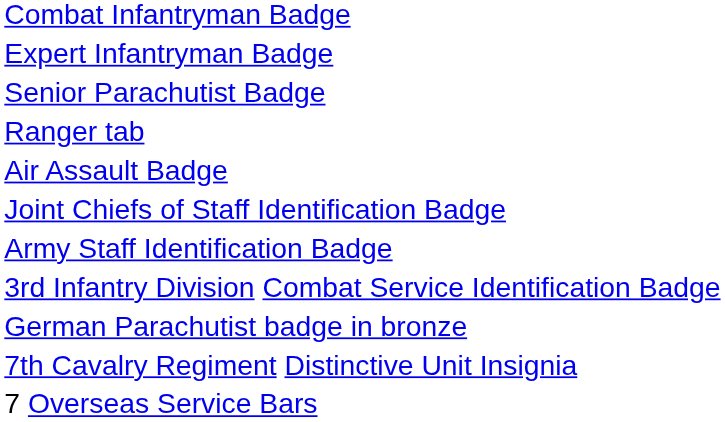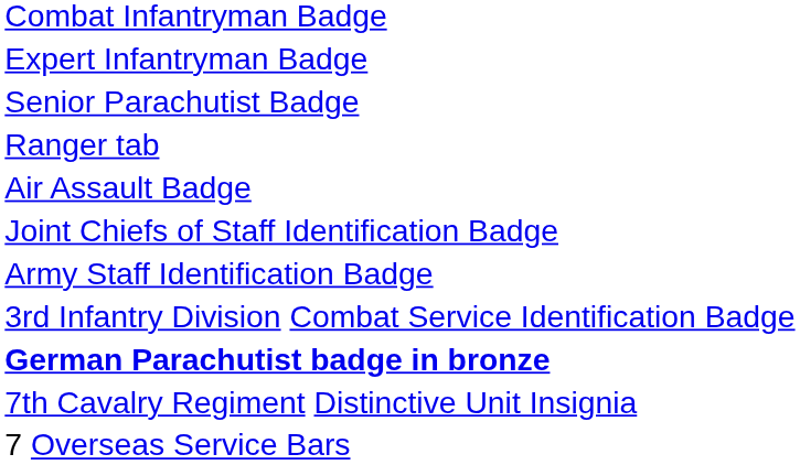 <table>
 <tr>
 <td> <a href='#'>Combat Infantryman Badge</a></td>
 </tr>
 <tr>
 <td>  <a href='#'>Expert Infantryman Badge</a></td>
 </tr>
 <tr>
 <td> <a href='#'>Senior Parachutist Badge</a></td>
 </tr>
 <tr>
 <td> <a href='#'>Ranger tab</a></td>
 </tr>
 <tr>
 <td> <a href='#'>Air Assault Badge</a></td>
 </tr>
 <tr>
 <td> <a href='#'>Joint Chiefs of Staff Identification Badge</a></td>
 </tr>
 <tr>
 <td> <a href='#'>Army Staff Identification Badge</a></td>
 </tr>
 <tr>
 <td> <a href='#'>3rd Infantry Division</a> <a href='#'>Combat Service Identification Badge</a></td>
 </tr>
 <tr>
-<td> <a href='#'>German Parachutist badge in bronze</a></td>
+<td><strong> <a href='#'>German Parachutist badge in bronze</a></strong></td>
 </tr>
 <tr>
 <td> <a href='#'>7th Cavalry Regiment</a> <a href='#'>Distinctive Unit Insignia</a></td>
 </tr>
 <tr>
 <td> 7 <a href='#'>Overseas Service Bars</a></td>
 </tr>
 </table>
